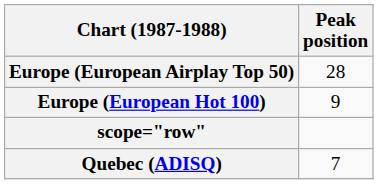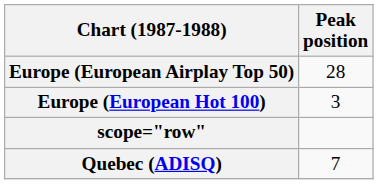 <table class="wikitable sortable plainrowheaders">
 <tr>
 <th>Chart (1987-1988)</th>
 <th>Peak<br>position</th>
 </tr>
 <tr>
 <th scope="row">Europe (European Airplay Top 50)</th>
 <td align="center">28</td>
 </tr>
 <tr>
 <th scope="row">Europe (<a href='#'>European Hot 100</a>)</th>
-<td align="center">9</td>
+<td align="center">3</td>
 </tr>
 <tr>
 <th>scope="row"</th>
 </tr>
 <tr>
 <th scope="row">Quebec (<a href='#'>ADISQ</a>)</th>
 <td align="center">7</td>
 </tr>
 <tr>
 </tr>
 </table>
